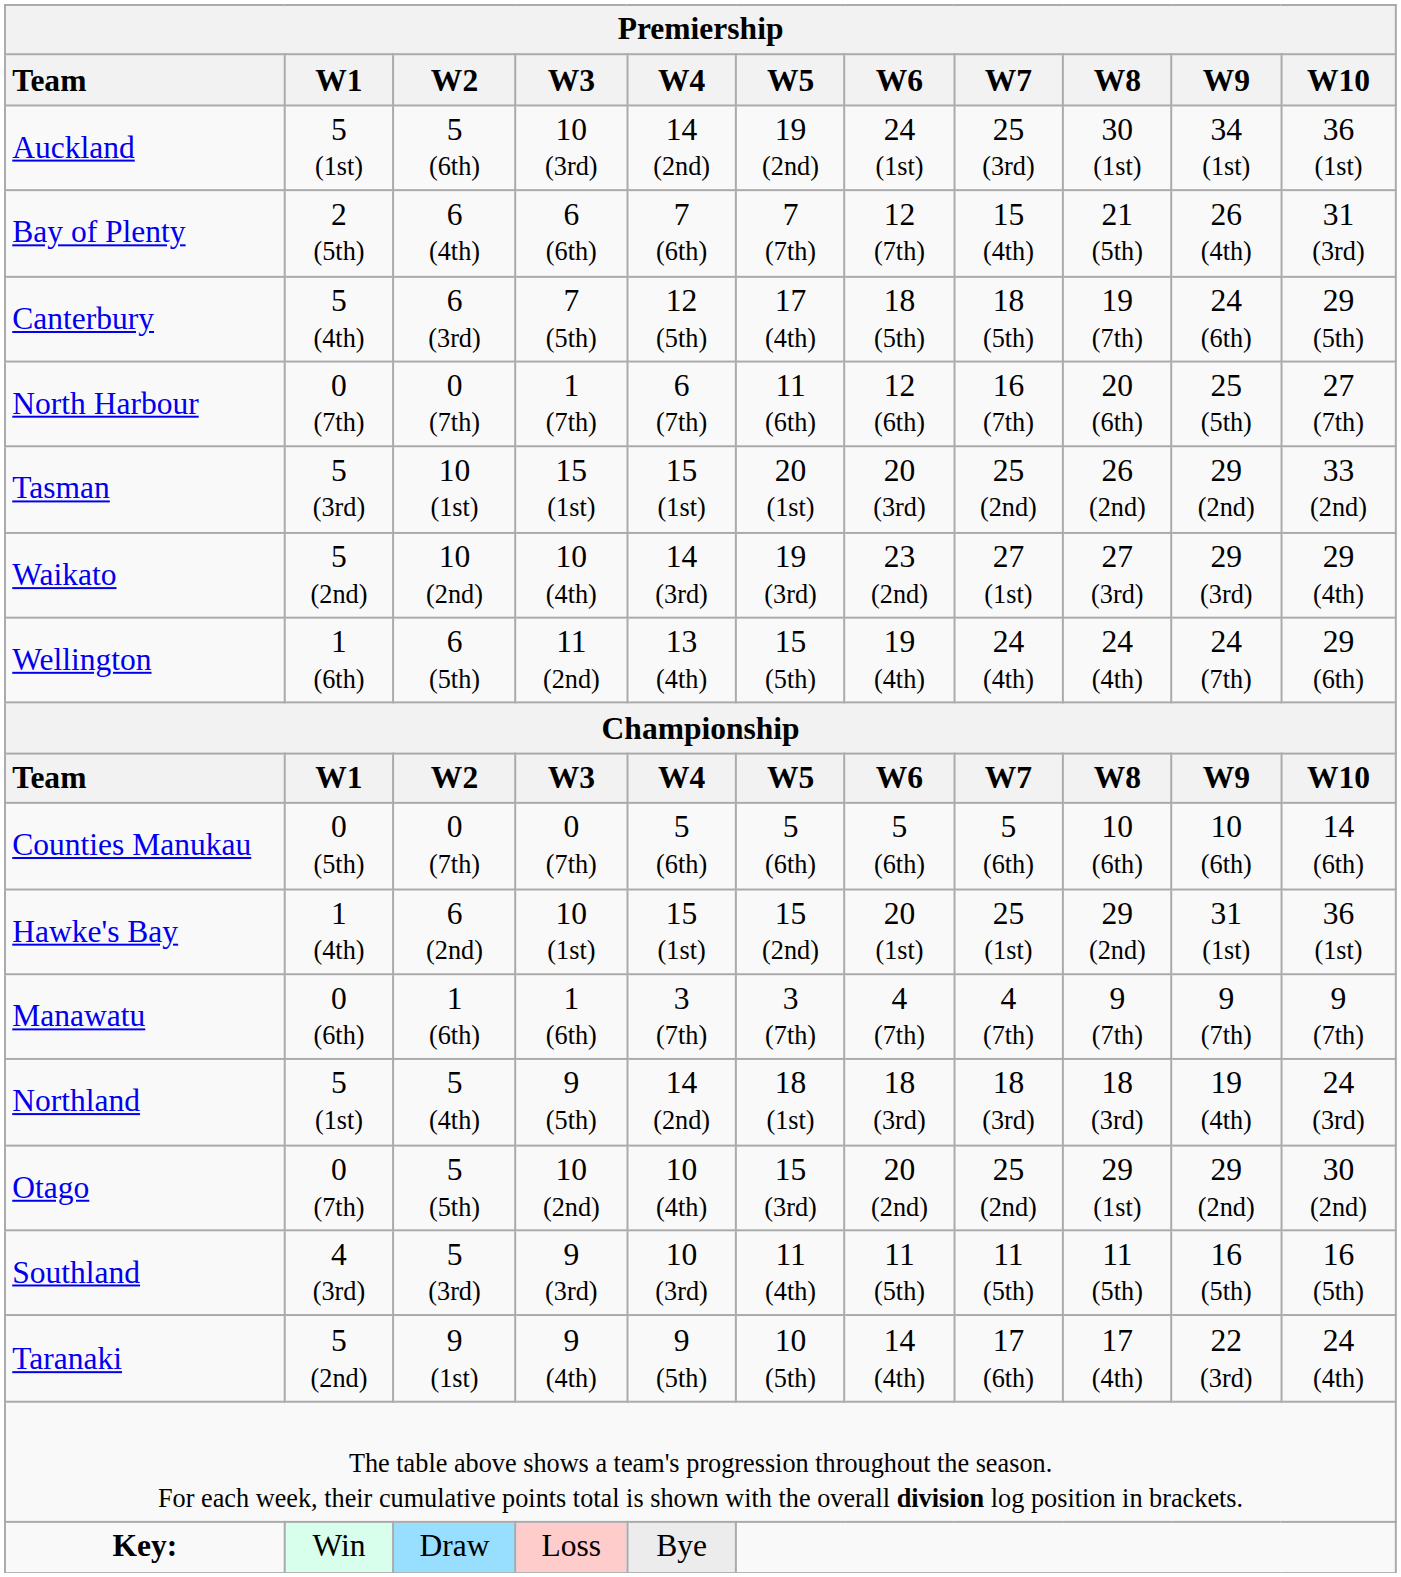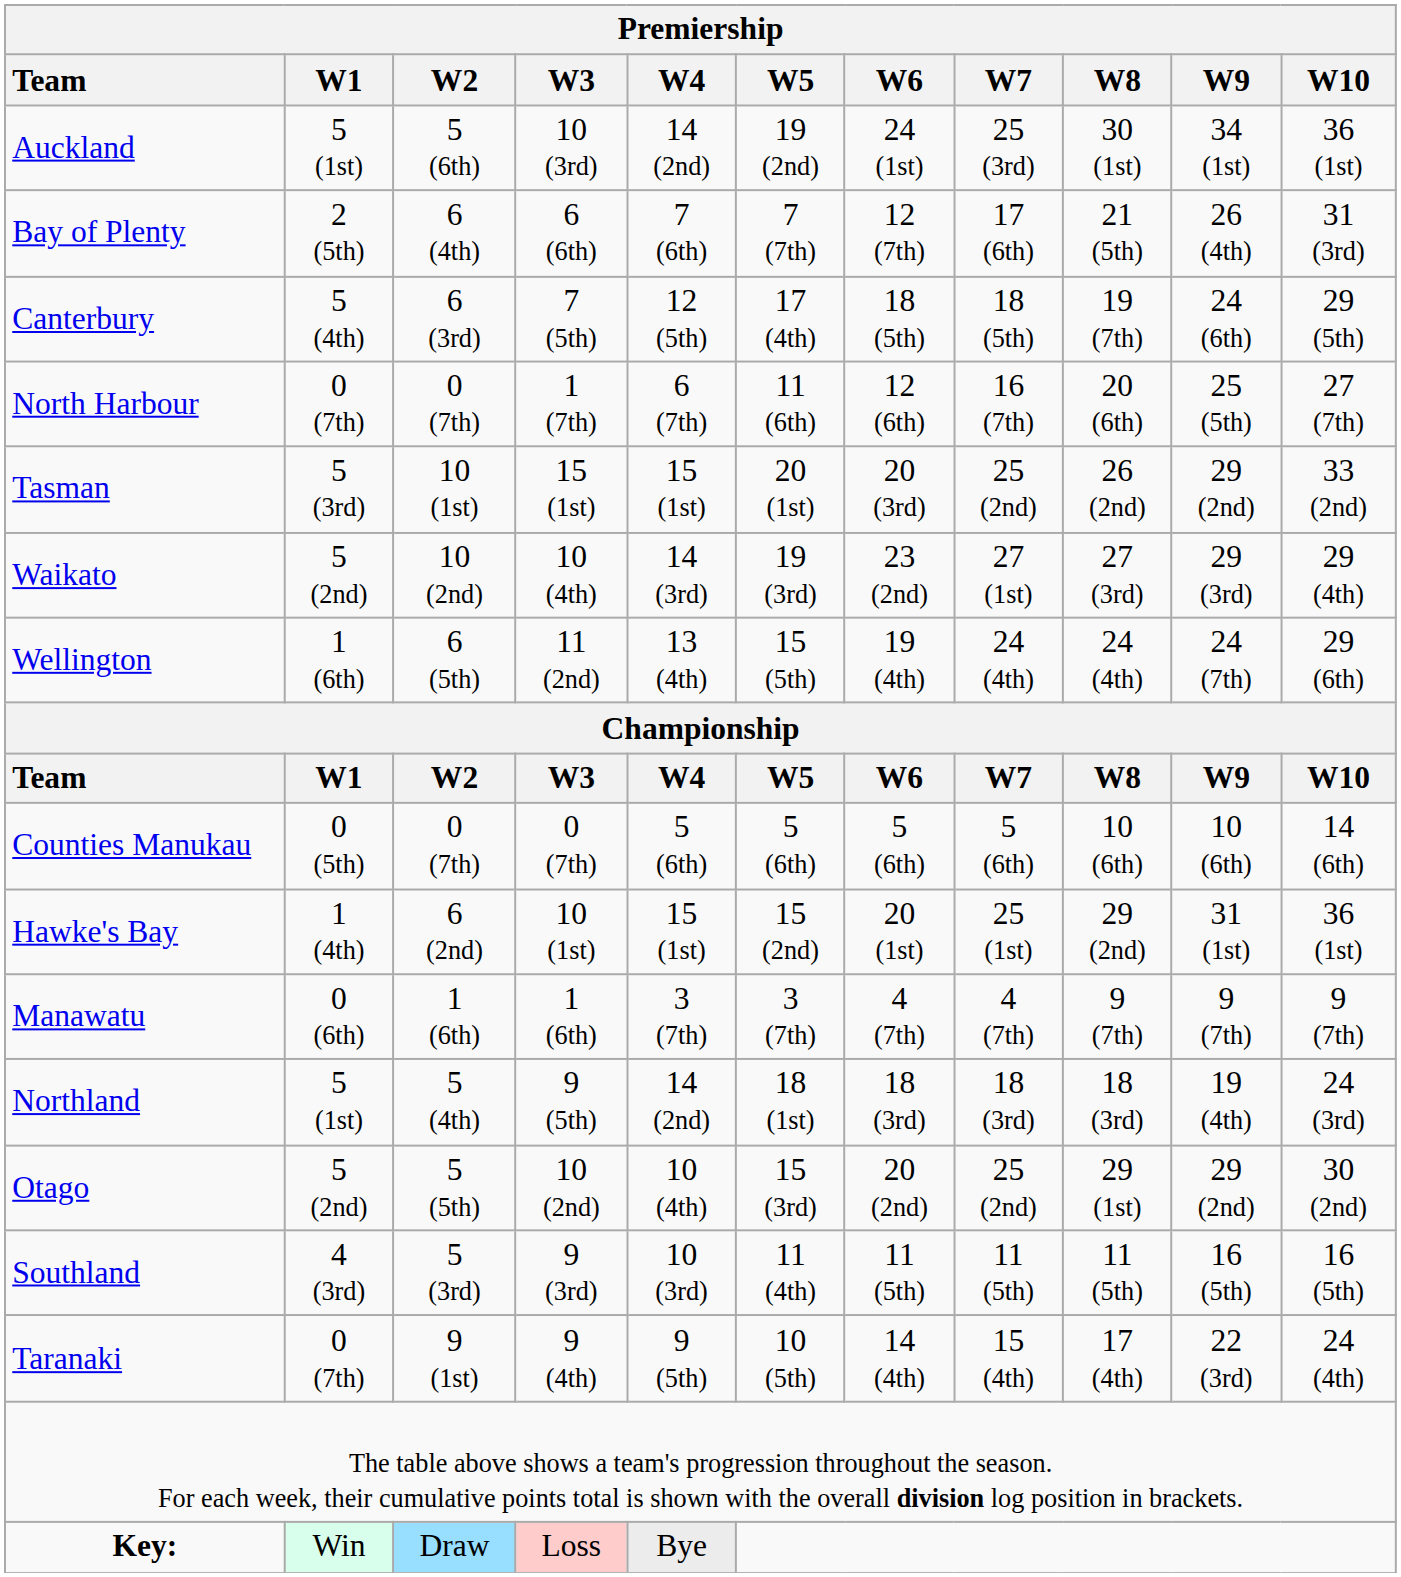 <table class="wikitable" style="text-align:center;width:80%">
 <tr>
 <th colspan=100%>Premiership</th>
 </tr>
 <tr>
 <th style="text-align:left;width:12%">Team</th>
 <th style="width:4%">W1</th>
 <th style="width:4%">W2</th>
 <th style="width:4%">W3</th>
 <th style="width:4%">W4</th>
 <th style="width:4%">W5</th>
 <th style="width:4%">W6</th>
 <th style="width:4%">W7</th>
 <th style="width:4%">W8</th>
 <th style="width:4%">W9</th>
 <th style="width:4%">W10</th>
 </tr>
 <tr>
 <td style="text-align:left"><a href='#'>Auckland</a></td>
 <td>5<br><small>(1st)</small></td>
 <td>5<br><small>(6th)</small></td>
 <td>10<br><small>(3rd)</small></td>
 <td>14<br><small>(2nd)</small></td>
 <td>19<br><small>(2nd)</small></td>
 <td>24<br><small>(1st)</small></td>
 <td>25<br><small>(3rd)</small></td>
 <td>30<br><small>(1st)</small></td>
 <td>34<br><small>(1st)</small></td>
 <td>36<br><small>(1st)</small></td>
 </tr>
 <tr>
 <td style="text-align:left"><a href='#'>Bay of Plenty</a></td>
 <td>2<br><small>(5th)</small></td>
 <td>6<br><small>(4th)</small></td>
 <td>6<br><small>(6th)</small></td>
 <td>7<br><small>(6th)</small></td>
 <td>7<br><small>(7th)</small></td>
 <td>12<br><small>(7th)</small></td>
-<td>15<br><small>(4th)</small></td>
+<td>17<br><small>(6th)</small></td>
 <td>21<br><small>(5th)</small></td>
 <td>26<br><small>(4th)</small></td>
 <td>31<br><small>(3rd)</small></td>
 </tr>
 <tr>
 <td style="text-align:left"><a href='#'>Canterbury</a></td>
 <td>5<br><small>(4th)</small></td>
 <td>6<br><small>(3rd)</small></td>
 <td>7<br><small>(5th)</small></td>
 <td>12<br><small>(5th)</small></td>
 <td>17<br><small>(4th)</small></td>
 <td>18<br><small>(5th)</small></td>
 <td>18<br><small>(5th)</small></td>
 <td>19<br><small>(7th)</small></td>
 <td>24<br><small>(6th)</small></td>
 <td>29<br><small>(5th)</small></td>
 </tr>
 <tr>
 <td style="text-align:left"><a href='#'>North Harbour</a></td>
 <td>0<br><small>(7th)</small></td>
 <td>0<br><small>(7th)</small></td>
 <td>1<br><small>(7th)</small></td>
 <td>6<br><small>(7th)</small></td>
 <td>11<br><small>(6th)</small></td>
 <td>12<br><small>(6th)</small></td>
 <td>16<br><small>(7th)</small></td>
 <td>20<br><small>(6th)</small></td>
 <td>25<br><small>(5th)</small></td>
 <td>27<br><small>(7th)</small></td>
 </tr>
 <tr>
 <td style="text-align:left"><a href='#'>Tasman</a></td>
 <td>5<br><small>(3rd)</small></td>
 <td>10<br><small>(1st)</small></td>
 <td>15<br><small>(1st)</small></td>
 <td>15<br><small>(1st)</small></td>
 <td>20<br><small>(1st)</small></td>
 <td>20<br><small>(3rd)</small></td>
 <td>25<br><small>(2nd)</small></td>
 <td>26<br><small>(2nd)</small></td>
 <td>29<br><small>(2nd)</small></td>
 <td>33<br><small>(2nd)</small></td>
 </tr>
 <tr>
 <td style="text-align:left"><a href='#'>Waikato</a></td>
 <td>5<br><small>(2nd)</small></td>
 <td>10<br><small>(2nd)</small></td>
 <td>10<br><small>(4th)</small></td>
 <td>14<br><small>(3rd)</small></td>
 <td>19<br><small>(3rd)</small></td>
 <td>23<br><small>(2nd)</small></td>
 <td>27<br><small>(1st)</small></td>
 <td>27<br><small>(3rd)</small></td>
 <td>29<br><small>(3rd)</small></td>
 <td>29<br><small>(4th)</small></td>
 </tr>
 <tr>
 <td style="text-align:left"><a href='#'>Wellington</a></td>
 <td>1<br><small>(6th)</small></td>
 <td>6<br><small>(5th)</small></td>
 <td>11<br><small>(2nd)</small></td>
 <td>13<br><small>(4th)</small></td>
 <td>15<br><small>(5th)</small></td>
 <td>19<br><small>(4th)</small></td>
 <td>24<br><small>(4th)</small></td>
 <td>24<br><small>(4th)</small></td>
 <td>24<br><small>(7th)</small></td>
 <td>29<br><small>(6th)</small></td>
 </tr>
 <tr>
 <th colspan=100%>Championship</th>
 </tr>
 <tr>
 <th style="text-align:left;width:12%">Team</th>
 <th style="width:4%">W1</th>
 <th style="width:4%">W2</th>
 <th style="width:4%">W3</th>
 <th style="width:4%">W4</th>
 <th style="width:4%">W5</th>
 <th style="width:4%">W6</th>
 <th style="width:4%">W7</th>
 <th style="width:4%">W8</th>
 <th style="width:4%">W9</th>
 <th style="width:4%">W10</th>
 </tr>
 <tr>
 <td style="text-align:left"><a href='#'>Counties Manukau</a></td>
 <td>0<br><small>(5th)</small></td>
 <td>0<br><small>(7th)</small></td>
 <td>0<br><small>(7th)</small></td>
 <td>5<br><small>(6th)</small></td>
 <td>5<br><small>(6th)</small></td>
 <td>5<br><small>(6th)</small></td>
 <td>5<br><small>(6th)</small></td>
 <td>10<br><small>(6th)</small></td>
 <td>10<br><small>(6th)</small></td>
 <td>14<br><small>(6th)</small></td>
 </tr>
 <tr>
 <td style="text-align:left"><a href='#'>Hawke's Bay</a></td>
 <td>1<br><small>(4th)</small></td>
 <td>6<br><small>(2nd)</small></td>
 <td>10<br><small>(1st)</small></td>
 <td>15<br><small>(1st)</small></td>
 <td>15<br><small>(2nd)</small></td>
 <td>20<br><small>(1st)</small></td>
 <td>25<br><small>(1st)</small></td>
 <td>29<br><small>(2nd)</small></td>
 <td>31<br><small>(1st)</small></td>
 <td>36<br><small>(1st)</small></td>
 </tr>
 <tr>
 <td style="text-align:left"><a href='#'>Manawatu</a></td>
 <td>0<br><small>(6th)</small></td>
 <td>1<br><small>(6th)</small></td>
 <td>1<br><small>(6th)</small></td>
 <td>3<br><small>(7th)</small></td>
 <td>3<br><small>(7th)</small></td>
 <td>4<br><small>(7th)</small></td>
 <td>4<br><small>(7th)</small></td>
 <td>9<br><small>(7th)</small></td>
 <td>9<br><small>(7th)</small></td>
 <td>9<br><small>(7th)</small></td>
 </tr>
 <tr>
 <td style="text-align:left"><a href='#'>Northland</a></td>
 <td>5<br><small>(1st)</small></td>
 <td>5<br><small>(4th)</small></td>
 <td>9<br><small>(5th)</small></td>
 <td>14<br><small>(2nd)</small></td>
 <td>18<br><small>(1st)</small></td>
 <td>18<br><small>(3rd)</small></td>
 <td>18<br><small>(3rd)</small></td>
 <td>18<br><small>(3rd)</small></td>
 <td>19<br><small>(4th)</small></td>
 <td>24<br><small>(3rd)</small></td>
 </tr>
 <tr>
 <td style="text-align:left"><a href='#'>Otago</a></td>
-<td>0<br><small>(7th)</small></td>
+<td>5<br><small>(2nd)</small></td>
 <td>5<br><small>(5th)</small></td>
 <td>10<br><small>(2nd)</small></td>
 <td>10<br><small>(4th)</small></td>
 <td>15<br><small>(3rd)</small></td>
 <td>20<br><small>(2nd)</small></td>
 <td>25<br><small>(2nd)</small></td>
 <td>29<br><small>(1st)</small></td>
 <td>29<br><small>(2nd)</small></td>
 <td>30<br><small>(2nd)</small></td>
 </tr>
 <tr>
 <td style="text-align:left"><a href='#'>Southland</a></td>
 <td>4<br><small>(3rd)</small></td>
 <td>5<br><small>(3rd)</small></td>
 <td>9<br><small>(3rd)</small></td>
 <td>10<br><small>(3rd)</small></td>
 <td>11<br><small>(4th)</small></td>
 <td>11<br><small>(5th)</small></td>
 <td>11<br><small>(5th)</small></td>
 <td>11<br><small>(5th)</small></td>
 <td>16<br><small>(5th)</small></td>
 <td>16<br><small>(5th)</small></td>
 </tr>
 <tr>
 <td style="text-align:left"><a href='#'>Taranaki</a></td>
-<td>5<br><small>(2nd)</small></td>
+<td>0<br><small>(7th)</small></td>
 <td>9<br><small>(1st)</small></td>
 <td>9<br><small>(4th)</small></td>
 <td>9<br><small>(5th)</small></td>
 <td>10<br><small>(5th)</small></td>
 <td>14<br><small>(4th)</small></td>
-<td>17<br><small>(6th)</small></td>
+<td>15<br><small>(4th)</small></td>
 <td>17<br><small>(4th)</small></td>
 <td>22<br><small>(3rd)</small></td>
 <td>24<br><small>(4th)</small></td>
 </tr>
 <tr>
 <td colspan="100%" style="text-align:center"><br><small>The table above shows a team's progression throughout the season.<br>For each week, their cumulative points total is shown with the overall <strong>division</strong> log position in brackets.<br></small></td>
 </tr>
 <tr>
 <td><strong>Key:</strong></td>
 <td style="background:#D8FFEB">Win</td>
 <td style="background:#97DEFF">Draw</td>
 <td style="background:#FFCCCC">Loss</td>
 <td style="background:#ECECEC">Bye</td>
 <td colspan=16></td>
 </tr>
 </table>
